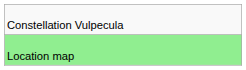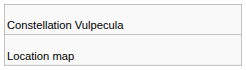 <table class=wikitable align=center width=340>
 <tr>
 <td><br>Constellation Vulpecula</td>
 </tr>
 <tr>
-<td style="background: lightgreen;"><br>Location map</td>
+<td><br>Location map</td>
 </tr>
 </table>
